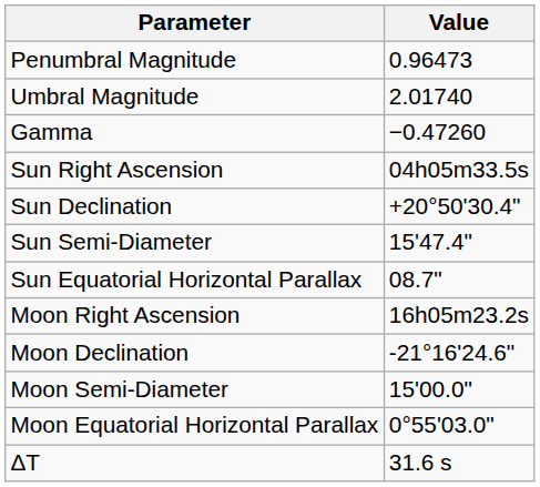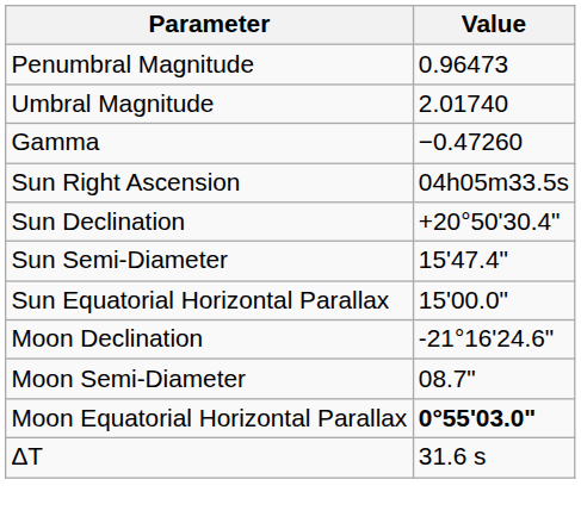 <table class="wikitable">
 <tr>
 <th>Parameter</th>
 <th>Value</th>
 </tr>
 <tr>
 <td>Penumbral Magnitude</td>
 <td>0.96473</td>
 </tr>
 <tr>
 <td>Umbral Magnitude</td>
 <td>2.01740</td>
 </tr>
 <tr>
 <td>Gamma</td>
 <td>−0.47260</td>
 </tr>
 <tr>
 <td>Sun Right Ascension</td>
 <td>04h05m33.5s</td>
 </tr>
 <tr>
 <td>Sun Declination</td>
 <td>+20°50'30.4"</td>
 </tr>
 <tr>
 <td>Sun Semi-Diameter</td>
 <td>15'47.4"</td>
 </tr>
 <tr>
 <td>Sun Equatorial Horizontal Parallax</td>
-<td>08.7"</td>
-</tr>
-<tr>
-<td>Moon Right Ascension</td>
-<td>16h05m23.2s</td>
+<td>15'00.0"</td>
 </tr>
 <tr>
 <td>Moon Declination</td>
 <td>-21°16'24.6"</td>
 </tr>
 <tr>
 <td>Moon Semi-Diameter</td>
-<td>15'00.0"</td>
+<td>08.7"</td>
 </tr>
 <tr>
 <td>Moon Equatorial Horizontal Parallax</td>
-<td>0°55'03.0"</td>
+<td><strong>0°55'03.0"</strong></td>
 </tr>
 <tr>
 <td>ΔT</td>
 <td>31.6 s</td>
 </tr>
 </table>
